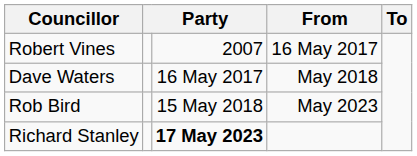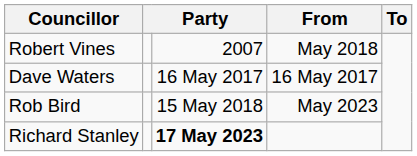 <table class=wikitable>
 <tr>
 <th>Councillor</th>
 <th colspan=2>Party</th>
 <th>From</th>
 <th>To</th>
 </tr>
 <tr>
 <td>Robert Vines</td>
 <td></td>
 <td align=right>2007</td>
-<td align=right>16 May 2017</td>
+<td align=right>May 2018</td>
 </tr>
 <tr>
 <td>Dave Waters</td>
 <td></td>
 <td align=right>16 May 2017</td>
-<td align=right>May 2018</td>
+<td align=right>16 May 2017</td>
 </tr>
 <tr>
 <td>Rob Bird</td>
 <td></td>
 <td align=right>15 May 2018</td>
 <td align=right>May 2023</td>
 </tr>
 <tr>
 <td>Richard Stanley</td>
 <td></td>
 <td align=right><strong>17 May 2023</strong></td>
 <td align=right></td>
 </tr>
 </table>
